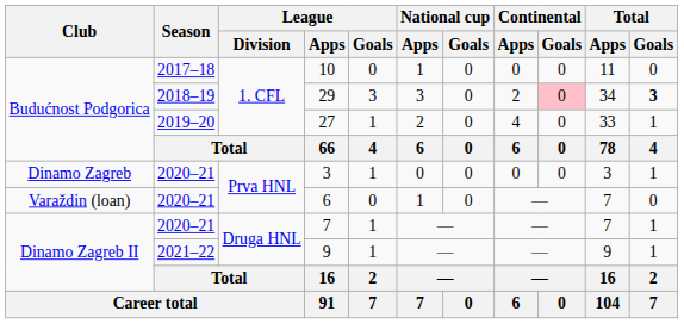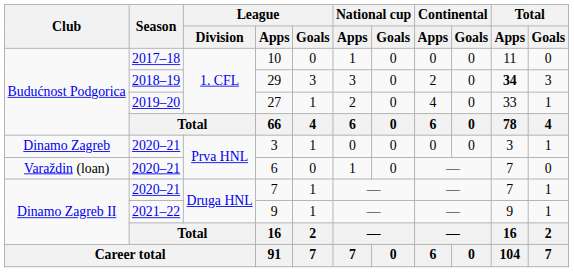 <table class="wikitable" style="text-align: center">
 <tr>
 <th rowspan=2>Club</th>
 <th rowspan=2>Season</th>
 <th colspan=3>League</th>
 <th colspan=2>National cup</th>
 <th colspan=2>Continental</th>
 <th colspan=2>Total</th>
 </tr>
 <tr>
 <th>Division</th>
 <th>Apps</th>
 <th>Goals</th>
 <th>Apps</th>
 <th>Goals</th>
 <th>Apps</th>
 <th>Goals</th>
 <th>Apps</th>
 <th>Goals</th>
 </tr>
 <tr>
 <td rowspan="4"><a href='#'>Budućnost Podgorica</a></td>
 <td><a href='#'>2017–18</a></td>
 <td rowspan="3"><a href='#'>1. CFL</a></td>
 <td>10</td>
 <td>0</td>
 <td>1</td>
 <td>0</td>
 <td>0</td>
 <td>0</td>
 <td>11</td>
 <td>0</td>
 </tr>
 <tr>
 <td><a href='#'>2018–19</a></td>
 <td>29</td>
 <td>3</td>
 <td>3</td>
 <td>0</td>
 <td>2</td>
-<td style="background: pink;">0</td>
-<td>34</td>
-<td><strong>3</strong></td>
+<td>0</td>
+<td><strong>34</strong></td>
+<td>3</td>
 </tr>
 <tr>
 <td><a href='#'>2019–20</a></td>
 <td>27</td>
 <td>1</td>
 <td>2</td>
 <td>0</td>
 <td>4</td>
 <td>0</td>
 <td>33</td>
 <td>1</td>
 </tr>
 <tr>
 <th colspan="2">Total</th>
 <th>66</th>
 <th>4</th>
 <th>6</th>
 <th>0</th>
 <th>6</th>
 <th>0</th>
 <th>78</th>
 <th>4</th>
 </tr>
 <tr>
 <td><a href='#'>Dinamo Zagreb</a></td>
 <td><a href='#'>2020–21</a></td>
 <td rowspan="2"><a href='#'>Prva HNL</a></td>
 <td>3</td>
 <td>1</td>
 <td>0</td>
 <td>0</td>
 <td>0</td>
 <td>0</td>
 <td>3</td>
 <td>1</td>
 </tr>
 <tr>
 <td><a href='#'>Varaždin</a> (loan)</td>
 <td><a href='#'>2020–21</a></td>
 <td>6</td>
 <td>0</td>
 <td>1</td>
 <td>0</td>
 <td colspan=2>—</td>
 <td>7</td>
 <td>0</td>
 </tr>
 <tr>
 <td rowspan="3"><a href='#'>Dinamo Zagreb II</a></td>
 <td><a href='#'>2020–21</a></td>
 <td rowspan="2"><a href='#'>Druga HNL</a></td>
 <td>7</td>
 <td>1</td>
 <td colspan=2>—</td>
 <td colspan=2>—</td>
 <td>7</td>
 <td>1</td>
 </tr>
 <tr>
 <td><a href='#'>2021–22</a></td>
 <td>9</td>
 <td>1</td>
 <td colspan=2>—</td>
 <td colspan=2>—</td>
 <td>9</td>
 <td>1</td>
 </tr>
 <tr>
 <th colspan="2">Total</th>
 <th>16</th>
 <th>2</th>
 <th colspan="2">—</th>
 <th colspan="2">—</th>
 <th>16</th>
 <th>2</th>
 </tr>
 <tr>
 <th colspan="3">Career total</th>
 <th>91</th>
 <th>7</th>
 <th>7</th>
 <th>0</th>
 <th>6</th>
 <th>0</th>
 <th>104</th>
 <th>7</th>
 </tr>
 </table>
